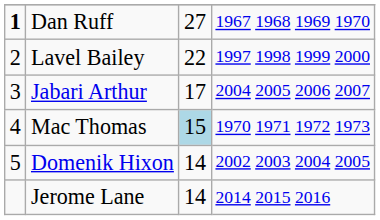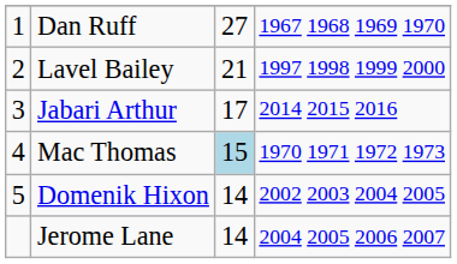 <table class="wikitable">
 <tr>
 </tr>
 <tr>
-<td><strong>1</strong></td>
+<td>1</td>
 <td>Dan Ruff</td>
 <td>27</td>
 <td style="font-size:80%;"><a href='#'>1967</a> <a href='#'>1968</a> <a href='#'>1969</a> <a href='#'>1970</a></td>
 </tr>
 <tr>
 <td>2</td>
 <td>Lavel Bailey</td>
-<td>22</td>
+<td>21</td>
 <td style="font-size:80%;"><a href='#'>1997</a> <a href='#'>1998</a> <a href='#'>1999</a> <a href='#'>2000</a></td>
 </tr>
 <tr>
 <td>3</td>
 <td><a href='#'>Jabari Arthur</a></td>
 <td>17</td>
-<td style="font-size:80%;"><a href='#'>2004</a> <a href='#'>2005</a> <a href='#'>2006</a> <a href='#'>2007</a></td>
+<td style="font-size:80%;"><a href='#'>2014</a> <a href='#'>2015</a> <a href='#'>2016</a></td>
 </tr>
 <tr>
 <td>4</td>
 <td>Mac Thomas</td>
 <td style="background: lightblue;">15</td>
 <td style="font-size:80%;"><a href='#'>1970</a> <a href='#'>1971</a> <a href='#'>1972</a> <a href='#'>1973</a></td>
 </tr>
 <tr>
 <td>5</td>
 <td><a href='#'>Domenik Hixon</a></td>
 <td>14</td>
 <td style="font-size:80%;"><a href='#'>2002</a> <a href='#'>2003</a> <a href='#'>2004</a> <a href='#'>2005</a></td>
 </tr>
 <tr>
 <td></td>
 <td>Jerome Lane</td>
 <td>14</td>
-<td style="font-size:80%;"><a href='#'>2014</a> <a href='#'>2015</a> <a href='#'>2016</a></td>
+<td style="font-size:80%;"><a href='#'>2004</a> <a href='#'>2005</a> <a href='#'>2006</a> <a href='#'>2007</a></td>
 </tr>
 </table>
